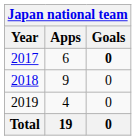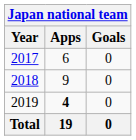 <table class="wikitable" style="text-align:center">
 <tr>
 <th colspan=3><a href='#'>Japan national team</a></th>
 </tr>
 <tr>
 <th>Year</th>
 <th>Apps</th>
 <th>Goals</th>
 </tr>
 <tr>
 <td><a href='#'>2017</a></td>
 <td>6</td>
-<td><strong>0</strong></td>
+<td>0</td>
 </tr>
 <tr>
 <td><a href='#'>2018</a></td>
 <td>9</td>
 <td>0</td>
 </tr>
 <tr>
 <td>2019</td>
-<td>4</td>
+<td><strong>4</strong></td>
 <td>0</td>
 </tr>
 <tr>
 <th>Total</th>
 <th>19</th>
 <th>0</th>
 </tr>
 </table>
